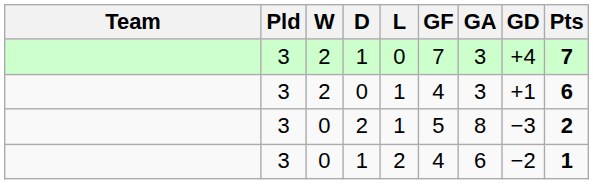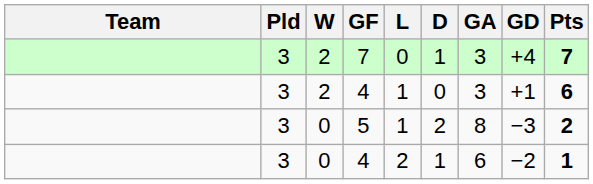 <table class="wikitable" style="text-align:center;">
 <tr>
 <th width=180>Team</th>
 <th width=20>Pld</th>
 <th width=20>W</th>
+<th width=20>GF</th>
+<th width=20>L</th>
 <th width=20>D</th>
-<th width=20>L</th>
-<th width=20>GF</th>
 <th width=20>GA</th>
 <th width=20>GD</th>
 <th width=20>Pts</th>
 </tr>
 <tr bgcolor="ccffcc">
 <td align="left"><em></em></td>
 <td>3</td>
 <td>2</td>
+<td>7</td>
+<td>0</td>
 <td>1</td>
-<td>0</td>
-<td>7</td>
 <td>3</td>
 <td>+4</td>
 <td><strong>7</strong></td>
 </tr>
 <tr>
 <td align="left"></td>
 <td>3</td>
 <td>2</td>
+<td>4</td>
+<td>1</td>
 <td>0</td>
-<td>1</td>
-<td>4</td>
 <td>3</td>
 <td>+1</td>
 <td><strong>6</strong></td>
 </tr>
 <tr>
 <td align="left"></td>
 <td>3</td>
 <td>0</td>
+<td>5</td>
+<td>1</td>
 <td>2</td>
-<td>1</td>
-<td>5</td>
 <td>8</td>
 <td>−3</td>
 <td><strong>2</strong></td>
 </tr>
 <tr>
 <td align="left"></td>
 <td>3</td>
 <td>0</td>
+<td>4</td>
+<td>2</td>
 <td>1</td>
-<td>2</td>
-<td>4</td>
 <td>6</td>
 <td>−2</td>
 <td><strong>1</strong></td>
 </tr>
 </table>
